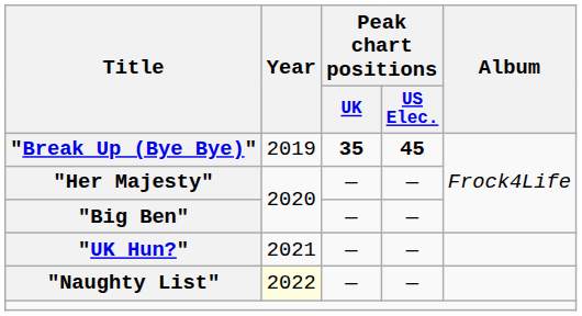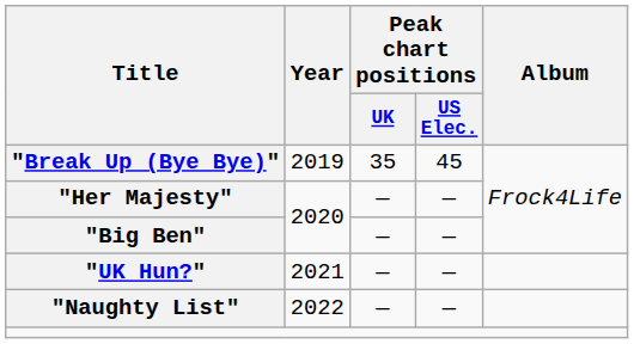 <table class="wikitable plainrowheaders" style="text-align:center;">
 <tr>
 <th class="unsortable" rowspan="2" scope="col">Title</th>
 <th class="unsortable" rowspan="2" scope="col">Year</th>
 <th class="unsortable" colspan="2" scope="col">Peak chart positions</th>
 <th class="unsortable" rowspan="2" scope="col">Album</th>
 </tr>
 <tr>
 <th scope="col" style="width:3em; font-size:85%"><a href='#'>UK</a><br></th>
 <th scope="col" style="width:3em; font-size:85%"><a href='#'>US<br>Elec.</a><br></th>
 </tr>
 <tr>
 <th scope="row">"<a href='#'>Break Up (Bye Bye)</a>"</th>
 <td>2019</td>
-<td><strong>35</strong></td>
-<td><strong>45</strong></td>
+<td>35</td>
+<td>45</td>
 <td rowspan="3"><em>Frock4Life</em></td>
 </tr>
 <tr>
 <th scope="row">"Her Majesty"</th>
 <td rowspan="2">2020</td>
 <td>—</td>
 <td>—</td>
 </tr>
 <tr>
 <th scope="row">"Big Ben"</th>
 <td>—</td>
 <td>—</td>
 </tr>
 <tr>
 <th scope="row">"<a href='#'>UK Hun?</a>"<br></th>
 <td>2021</td>
 <td>—</td>
 <td>—</td>
 <td></td>
 </tr>
 <tr>
 <th scope="row">"Naughty List"</th>
-<td style="background: lightyellow;">2022</td>
+<td>2022</td>
 <td>—</td>
 <td>—</td>
 <td></td>
 </tr>
 <tr>
 <td colspan="5"></td>
 </tr>
 </table>
